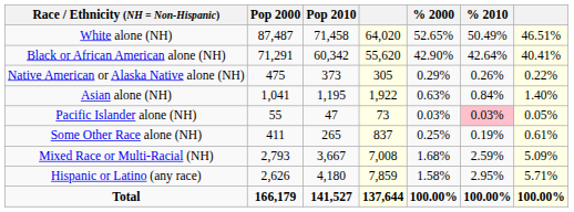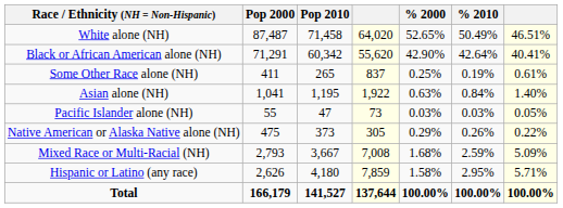 <table class="wikitable" style="text-align:center;">
 <tr>
 <th>Race / Ethnicity <small>(<em>NH = Non-Hispanic</em>)</small></th>
 <th>Pop 2000</th>
 <th>Pop 2010</th>
 <th></th>
 <th>% 2000</th>
 <th>% 2010</th>
 <th></th>
 </tr>
 <tr>
 <td><a href='#'>White</a> alone (NH)</td>
 <td>87,487</td>
 <td>71,458</td>
 <td style='background: #ffffe6;'>64,020</td>
 <td>52.65%</td>
 <td>50.49%</td>
 <td style='background: #ffffe6;'>46.51%</td>
 </tr>
 <tr>
 <td><a href='#'>Black or African American</a> alone (NH)</td>
 <td>71,291</td>
 <td>60,342</td>
 <td style='background: #ffffe6;'>55,620</td>
 <td>42.90%</td>
 <td>42.64%</td>
 <td style='background: #ffffe6;'>40.41%</td>
 </tr>
 <tr>
-<td><a href='#'>Native American</a> or <a href='#'>Alaska Native</a> alone (NH)</td>
-<td>475</td>
-<td>373</td>
-<td style='background: #ffffe6;'>305</td>
-<td>0.29%</td>
-<td>0.26%</td>
-<td style='background: #ffffe6;'>0.22%</td>
+<td><a href='#'>Some Other Race</a> alone (NH)</td>
+<td>411</td>
+<td>265</td>
+<td style='background: #ffffe6;'>837</td>
+<td>0.25%</td>
+<td>0.19%</td>
+<td style='background: #ffffe6;'>0.61%</td>
 </tr>
 <tr>
 <td><a href='#'>Asian</a> alone (NH)</td>
 <td>1,041</td>
 <td>1,195</td>
 <td style='background: #ffffe6;'>1,922</td>
 <td>0.63%</td>
 <td>0.84%</td>
 <td style='background: #ffffe6;'>1.40%</td>
 </tr>
 <tr>
 <td><a href='#'>Pacific Islander</a> alone (NH)</td>
 <td>55</td>
 <td>47</td>
 <td style='background: #ffffe6;'>73</td>
 <td>0.03%</td>
-<td style="background: pink;">0.03%</td>
+<td>0.03%</td>
 <td style='background: #ffffe6;'>0.05%</td>
 </tr>
 <tr>
-<td><a href='#'>Some Other Race</a> alone (NH)</td>
-<td>411</td>
-<td>265</td>
-<td style='background: #ffffe6;'>837</td>
-<td>0.25%</td>
-<td>0.19%</td>
-<td style='background: #ffffe6;'>0.61%</td>
+<td><a href='#'>Native American</a> or <a href='#'>Alaska Native</a> alone (NH)</td>
+<td>475</td>
+<td>373</td>
+<td style='background: #ffffe6;'>305</td>
+<td>0.29%</td>
+<td>0.26%</td>
+<td style='background: #ffffe6;'>0.22%</td>
 </tr>
 <tr>
 <td><a href='#'>Mixed Race or Multi-Racial</a> (NH)</td>
 <td>2,793</td>
 <td>3,667</td>
 <td style='background: #ffffe6;'>7,008</td>
 <td>1.68%</td>
 <td>2.59%</td>
 <td style='background: #ffffe6;'>5.09%</td>
 </tr>
 <tr>
 <td><a href='#'>Hispanic or Latino</a> (any race)</td>
 <td>2,626</td>
 <td>4,180</td>
 <td style='background: #ffffe6;'>7,859</td>
 <td>1.58%</td>
 <td>2.95%</td>
 <td style='background: #ffffe6;'>5.71%</td>
 </tr>
 <tr>
 <td><strong>Total</strong></td>
 <td><strong>166,179</strong></td>
 <td><strong>141,527</strong></td>
 <td style='background: #ffffe6;'><strong>137,644</strong></td>
 <td><strong>100.00%</strong></td>
 <td><strong>100.00%</strong></td>
 <td style='background: #ffffe6;'><strong>100.00%</strong></td>
 </tr>
 </table>
